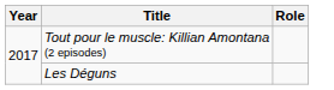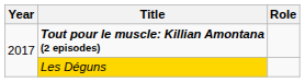 <table class="wikitable sortable">
 <tr>
 <th>Year</th>
 <th>Title</th>
 <th>Role</th>
 </tr>
 <tr>
 <td rowspan=2>2017</td>
-<td><em>Tout pour le muscle: Killian Amontana</em><br><small>(2 episodes)</small></td>
+<td><strong><em>Tout pour le muscle: Killian Amontana</em><br><small>(2 episodes)</small></strong></td>
 <td></td>
 </tr>
 <tr>
-<td><em>Les Déguns</em></td>
+<td style="background: gold;"><em>Les Déguns</em></td>
 <td></td>
 </tr>
 </table>
